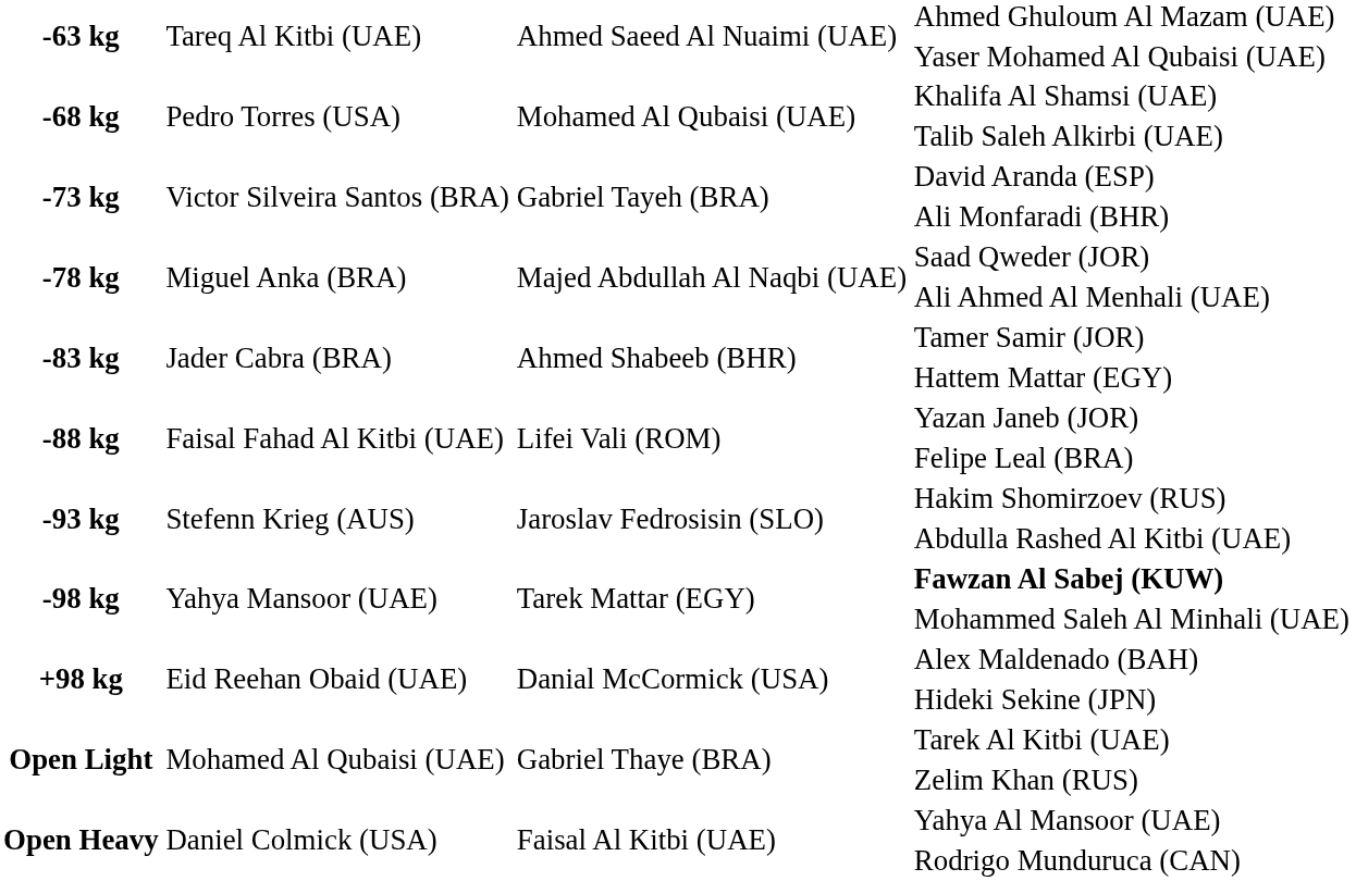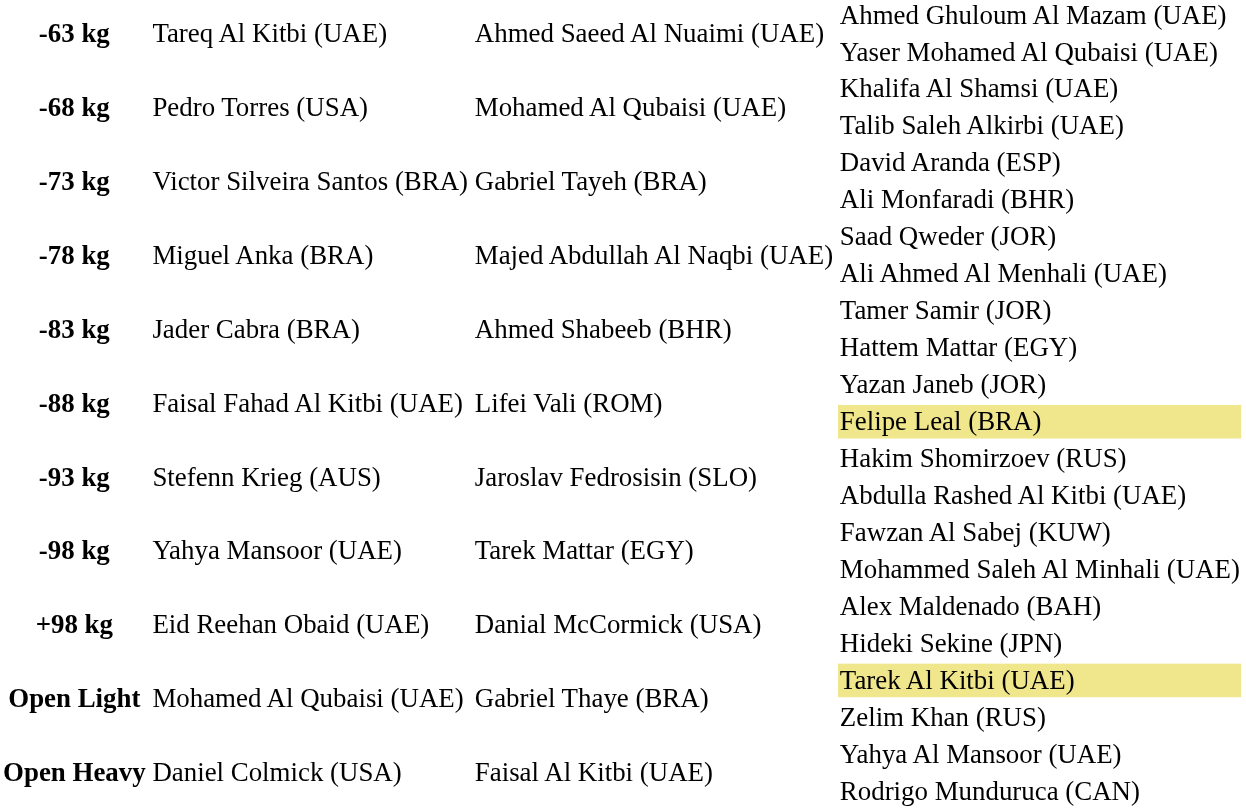 <table>
 <tr>
 <th scope=row rowspan=2>-63 kg</th>
 <td rowspan=2> Tareq Al Kitbi (UAE)</td>
 <td rowspan=2> Ahmed Saeed Al Nuaimi (UAE)</td>
 <td> Ahmed Ghuloum Al Mazam  (UAE)</td>
 </tr>
 <tr>
 <td> Yaser Mohamed Al Qubaisi (UAE)</td>
 </tr>
 <tr>
 <th scope=row rowspan=2>-68 kg</th>
 <td rowspan=2> Pedro Torres (USA)</td>
 <td rowspan=2> Mohamed Al Qubaisi (UAE)</td>
 <td> Khalifa Al Shamsi (UAE)</td>
 </tr>
 <tr>
 <td> Talib Saleh Alkirbi (UAE)</td>
 </tr>
 <tr>
 <th scope=row rowspan=2>-73 kg</th>
 <td rowspan=2> Victor Silveira Santos (BRA)</td>
 <td rowspan=2> Gabriel Tayeh (BRA)</td>
 <td> David Aranda (ESP)</td>
 </tr>
 <tr>
 <td> Ali Monfaradi (BHR)</td>
 </tr>
 <tr>
 <th scope=row rowspan=2>-78 kg</th>
 <td rowspan=2> Miguel Anka (BRA)</td>
 <td rowspan=2> Majed Abdullah Al Naqbi (UAE)</td>
 <td> Saad Qweder (JOR)</td>
 </tr>
 <tr>
 <td> Ali Ahmed Al Menhali (UAE)</td>
 </tr>
 <tr>
 <th scope=row rowspan=2>-83 kg</th>
 <td rowspan=2> Jader Cabra (BRA)</td>
 <td rowspan=2> Ahmed Shabeeb (BHR)</td>
 <td> Tamer Samir (JOR)</td>
 </tr>
 <tr>
 <td> Hattem Mattar (EGY)</td>
 </tr>
 <tr>
 <th scope=row rowspan=2>-88 kg</th>
 <td rowspan=2> Faisal Fahad Al Kitbi (UAE)</td>
 <td rowspan=2> Lifei Vali (ROM)</td>
 <td> Yazan Janeb (JOR)</td>
 </tr>
 <tr>
-<td> Felipe Leal (BRA)</td>
+<td style="background: khaki;"> Felipe Leal (BRA)</td>
 </tr>
 <tr>
 <th scope=row rowspan=2>-93 kg</th>
 <td rowspan=2> Stefenn Krieg (AUS)</td>
 <td rowspan=2> Jaroslav Fedrosisin (SLO)</td>
 <td> Hakim Shomirzoev (RUS)</td>
 </tr>
 <tr>
 <td> Abdulla Rashed Al Kitbi (UAE)</td>
 </tr>
 <tr>
 <th scope=row rowspan=2>-98 kg</th>
 <td rowspan=2> Yahya Mansoor (UAE)</td>
 <td rowspan=2> Tarek Mattar (EGY)</td>
-<td><strong> Fawzan Al Sabej (KUW)</strong></td>
+<td> Fawzan Al Sabej (KUW)</td>
 </tr>
 <tr>
 <td> Mohammed Saleh Al Minhali (UAE)</td>
 </tr>
 <tr>
 <th scope=row rowspan=2>+98 kg</th>
 <td rowspan=2> Eid Reehan Obaid (UAE)</td>
 <td rowspan=2> Danial McCormick (USA)</td>
 <td> Alex Maldenado (BAH)</td>
 </tr>
 <tr>
 <td> Hideki Sekine (JPN)</td>
 </tr>
 <tr>
 <th scope=row rowspan=2>Open Light</th>
 <td rowspan=2> Mohamed Al Qubaisi (UAE)</td>
 <td rowspan=2> Gabriel Thaye (BRA)</td>
-<td> Tarek Al Kitbi (UAE)</td>
+<td style="background: khaki;"> Tarek Al Kitbi (UAE)</td>
 </tr>
 <tr>
 <td> Zelim Khan (RUS)</td>
 </tr>
 <tr>
 <th scope=row rowspan=2>Open Heavy</th>
 <td rowspan=2> Daniel Colmick (USA)</td>
 <td rowspan=2> Faisal Al Kitbi (UAE)</td>
 <td> Yahya Al Mansoor (UAE)</td>
 </tr>
 <tr>
 <td> Rodrigo Munduruca (CAN)</td>
 </tr>
 </table>
